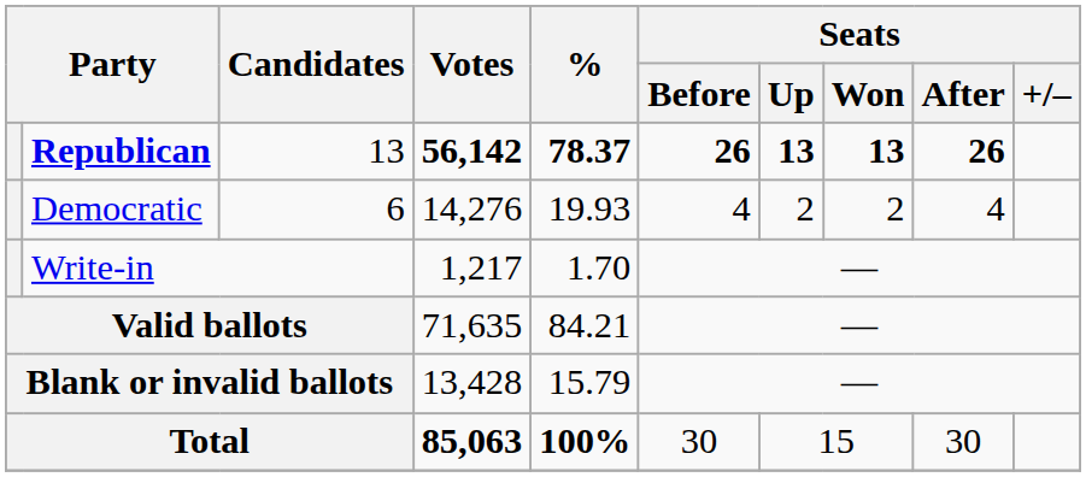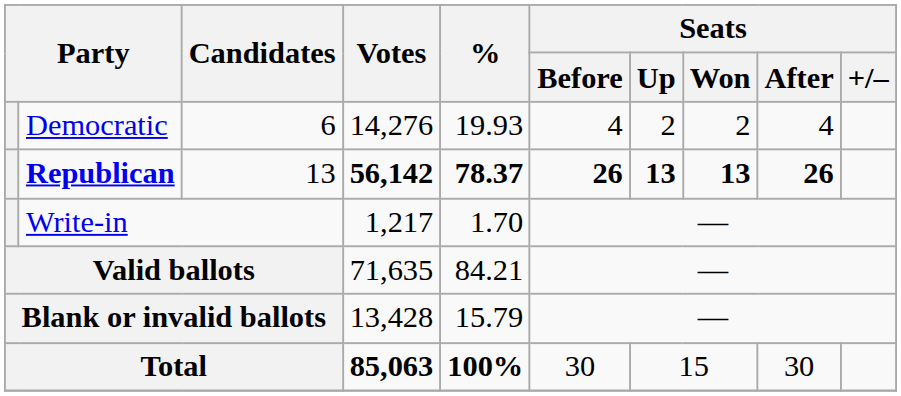 <table class="wikitable">
 <tr>
 <th rowspan="2" colspan="2">Party</th>
 <th rowspan="2">Candidates</th>
 <th rowspan="2">Votes</th>
 <th rowspan="2">%</th>
 <th colspan="5">Seats</th>
 </tr>
 <tr>
 <th>Before<br></th>
 <th>Up</th>
 <th>Won</th>
 <th>After<br></th>
 <th>+/–</th>
 </tr>
 <tr>
 <th style="background-color:"></th>
+<td><a href='#'>Democratic</a></td>
+<td align="right">6</td>
+<td align="right">14,276</td>
+<td align="right">19.93</td>
+<td align="right">4</td>
+<td align="right">2</td>
+<td align="right">2</td>
+<td align="right">4</td>
+<td align="right"></td>
+</tr>
+<tr>
+<th style="background-color:"></th>
 <td><strong><a href='#'>Republican</a></strong></td>
 <td align="right">13</td>
 <td align="right"><strong>56,142</strong></td>
 <td align="right"><strong>78.37</strong></td>
 <td align="right"><strong>26</strong></td>
 <td align="right"><strong>13</strong></td>
 <td align="right"><strong>13</strong></td>
 <td align="right"><strong>26</strong></td>
-<td align="right"></td>
-</tr>
-<tr>
-<th style="background-color:"></th>
-<td><a href='#'>Democratic</a></td>
-<td align="right">6</td>
-<td align="right">14,276</td>
-<td align="right">19.93</td>
-<td align="right">4</td>
-<td align="right">2</td>
-<td align="right">2</td>
-<td align="right">4</td>
 <td align="right"></td>
 </tr>
 <tr>
 <th style="background-color:ffffff"></th>
 <td colspan=2><a href='#'>Write-in</a></td>
 <td align="right">1,217</td>
 <td align="right">1.70</td>
 <td align="center" colspan="5">—</td>
 </tr>
 <tr>
 <th colspan="3">Valid ballots</th>
 <td align="right">71,635</td>
 <td align="right">84.21</td>
 <td align="center" colspan="5">—</td>
 </tr>
 <tr>
 <th colspan="3">Blank or invalid ballots</th>
 <td align="right">13,428</td>
 <td align="right">15.79</td>
 <td align="center" colspan="5">—</td>
 </tr>
 <tr>
 <th colspan="3">Total</th>
 <td align="right"><strong>85,063</strong></td>
 <td align="right"><strong>100%</strong></td>
 <td align="center">30</td>
 <td colspan="2" align="center">15</td>
 <td align="center">30</td>
 <td align="right"></td>
 </tr>
 <tr>
 </tr>
 </table>
